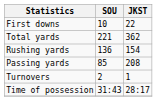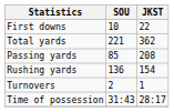 <table class="wikitable">
 <tr>
 <th>Statistics</th>
 <th>SOU</th>
 <th>JKST</th>
 </tr>
 <tr>
 <td>First downs</td>
 <td>10</td>
 <td>22</td>
 </tr>
 <tr>
 <td>Total yards</td>
 <td>221</td>
 <td>362</td>
 </tr>
 <tr>
+<td>Passing yards</td>
+<td>85</td>
+<td>208</td>
+</tr>
+<tr>
 <td>Rushing yards</td>
 <td>136</td>
 <td>154</td>
-</tr>
-<tr>
-<td>Passing yards</td>
-<td>85</td>
-<td>208</td>
 </tr>
 <tr>
 <td>Turnovers</td>
 <td>2</td>
 <td>1</td>
 </tr>
 <tr>
 <td>Time of possession</td>
 <td>31:43</td>
 <td>28:17</td>
 </tr>
 <tr>
 </tr>
 </table>
